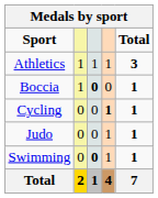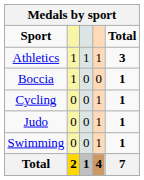 <table class="wikitable" style=font-size:85%;float:center;text-align:center>
 <tr style="background:#efefef;">
 <th colspan=5><strong>Medals by sport</strong></th>
 </tr>
 <tr align=center>
 <td><strong>Sport</strong></td>
 <td bgcolor=#f7f6a8></td>
 <td bgcolor=#dce5e5></td>
 <td bgcolor=#ffdab9></td>
 <td><strong>Total</strong></td>
 </tr>
 <tr align=center>
 <td><a href='#'>Athletics</a></td>
 <td style="background:#F7F6A8;">1</td>
 <td style="background:#DCE5E5;">1</td>
 <td style="background:#FFDAB9;">1</td>
 <td><strong>3</strong></td>
 </tr>
 <tr align=center>
 <td><a href='#'>Boccia</a></td>
 <td style="background:#F7F6A8;">1</td>
-<td style="background:#DCE5E5;"><strong>0</strong></td>
+<td style="background:#DCE5E5;">0</td>
 <td style="background:#FFDAB9;">0</td>
 <td><strong>1</strong></td>
 </tr>
 <tr align=center>
 <td><a href='#'>Cycling</a></td>
 <td style="background:#F7F6A8;">0</td>
 <td style="background:#DCE5E5;">0</td>
-<td style="background:#FFDAB9;"><strong>1</strong></td>
+<td style="background:#FFDAB9;">1</td>
 <td><strong>1</strong></td>
 </tr>
 <tr align=center>
 <td><a href='#'>Judo</a></td>
 <td style="background:#F7F6A8;">0</td>
 <td style="background:#DCE5E5;">0</td>
 <td style="background:#FFDAB9;">1</td>
 <td><strong>1</strong></td>
 </tr>
 <tr align=center>
 <td><a href='#'>Swimming</a></td>
 <td style="background:#F7F6A8;">0</td>
-<td style="background:#DCE5E5;"><strong>0</strong></td>
+<td style="background:#DCE5E5;">0</td>
 <td style="background:#FFDAB9;">1</td>
 <td><strong>1</strong></td>
 </tr>
 <tr align=center>
 <th><strong>Total</strong></th>
 <th style="background:gold;"><strong>2</strong></th>
 <th style="background:silver;"><strong>1</strong></th>
 <th style="background:#c96;"><strong>4</strong></th>
 <th><strong>7</strong></th>
 </tr>
 </table>
